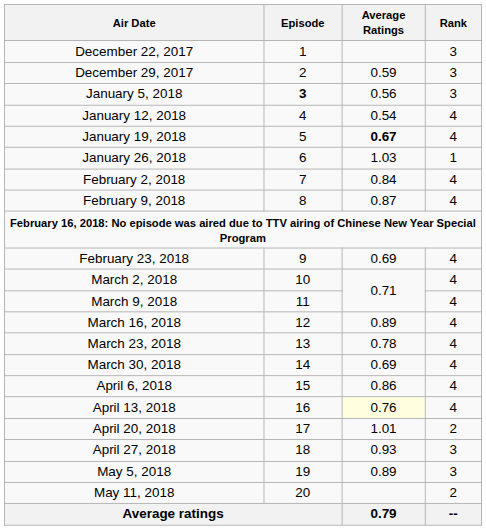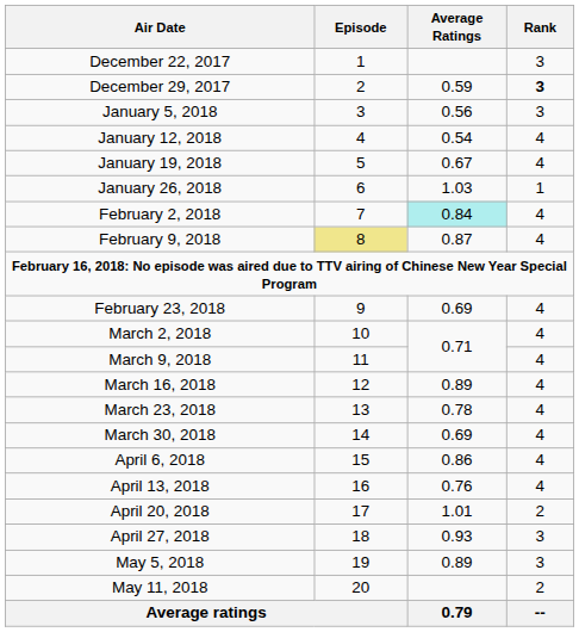 <table class="wikitable" style="text-align:center;width:45%;">
 <tr>
 <th width="25%"><small>Air Date</small></th>
 <th width="5%"><small>Episode</small></th>
 <th width="6%"><small>Average Ratings</small></th>
 <th width="4%"><small>Rank</small></th>
 </tr>
 <tr>
 <td>December 22, 2017</td>
 <td>1</td>
 <td><strong></strong></td>
 <td>3</td>
 </tr>
 <tr>
 <td>December 29, 2017</td>
 <td>2</td>
 <td>0.59</td>
-<td>3</td>
+<td><strong>3</strong></td>
 </tr>
 <tr>
 <td>January 5, 2018</td>
-<td><strong>3</strong></td>
+<td>3</td>
 <td>0.56</td>
 <td>3</td>
 </tr>
 <tr>
 <td>January 12, 2018</td>
 <td>4</td>
 <td>0.54</td>
 <td>4</td>
 </tr>
 <tr>
 <td>January 19, 2018</td>
 <td>5</td>
-<td><strong>0.67</strong></td>
+<td>0.67</td>
 <td>4</td>
 </tr>
 <tr>
 <td>January 26, 2018</td>
 <td>6</td>
 <td>1.03</td>
 <td>1</td>
 </tr>
 <tr>
 <td>February 2, 2018</td>
 <td>7</td>
-<td>0.84</td>
+<td style="background: paleturquoise;">0.84</td>
 <td>4</td>
 </tr>
 <tr>
 <td>February 9, 2018</td>
-<td>8</td>
+<td style="background: khaki;">8</td>
 <td>0.87</td>
 <td>4</td>
 </tr>
 <tr>
 <td colspan="4"><strong><small>February 16, 2018: No episode was aired due to TTV airing of Chinese New Year Special Program</small></strong></td>
 </tr>
 <tr>
 <td>February 23, 2018</td>
 <td>9</td>
 <td>0.69</td>
 <td>4</td>
 </tr>
 <tr>
 <td>March 2, 2018</td>
 <td>10</td>
 <td rowspan=2>0.71</td>
 <td>4</td>
 </tr>
 <tr>
 <td>March 9, 2018</td>
 <td>11</td>
 <td>4</td>
 </tr>
 <tr>
 <td>March 16, 2018</td>
 <td>12</td>
 <td>0.89</td>
 <td>4</td>
 </tr>
 <tr>
 <td>March 23, 2018</td>
 <td>13</td>
 <td>0.78</td>
 <td>4</td>
 </tr>
 <tr>
 <td>March 30, 2018</td>
 <td>14</td>
 <td>0.69</td>
 <td>4</td>
 </tr>
 <tr>
 <td>April 6, 2018</td>
 <td>15</td>
 <td>0.86</td>
 <td>4</td>
 </tr>
 <tr>
 <td>April 13, 2018</td>
 <td>16</td>
-<td style="background: lightyellow;">0.76</td>
+<td>0.76</td>
 <td>4</td>
 </tr>
 <tr>
 <td>April 20, 2018</td>
 <td>17</td>
 <td>1.01</td>
 <td>2</td>
 </tr>
 <tr>
 <td>April 27, 2018</td>
 <td>18</td>
 <td>0.93</td>
 <td>3</td>
 </tr>
 <tr>
 <td>May 5, 2018</td>
 <td>19</td>
 <td>0.89</td>
 <td>3</td>
 </tr>
 <tr>
 <td>May 11, 2018</td>
 <td>20</td>
 <td><strong></strong></td>
 <td>2</td>
 </tr>
 <tr>
 <th colspan="2"><strong>Average ratings</strong></th>
 <th>0.79</th>
 <th>--</th>
 </tr>
 </table>
